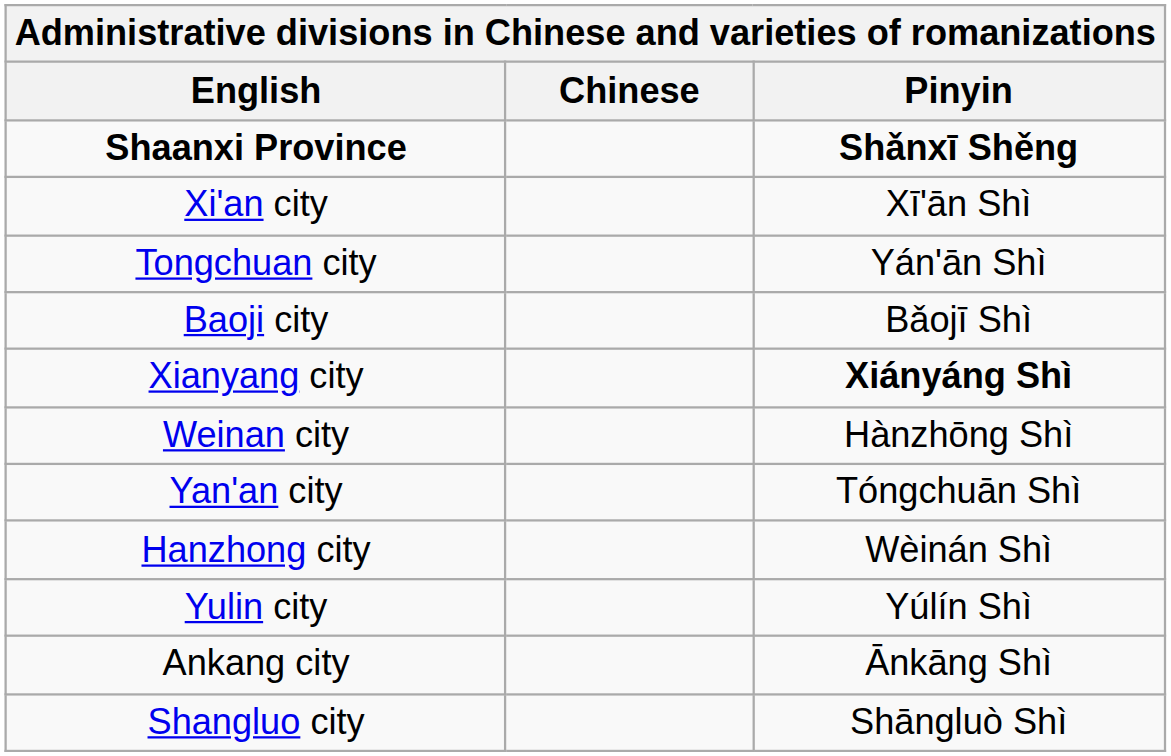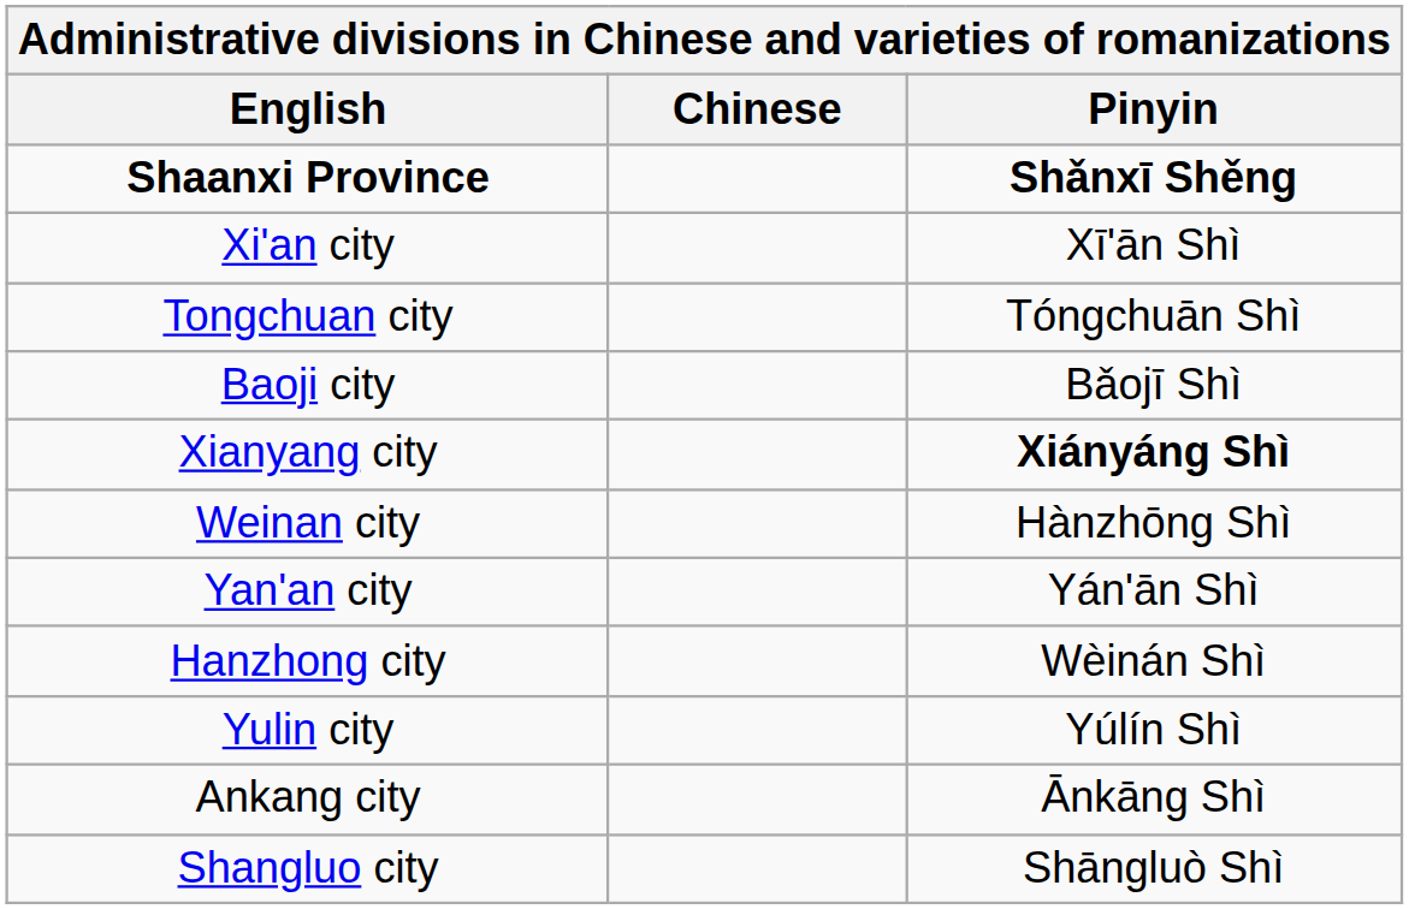 <table class="wikitable sortable collapsible collapsed" style="text-font:90%; width:auto; text-align:center; margin-left: auto; margin-right: auto;">
 <tr>
 <th colspan="5">Administrative divisions in Chinese and varieties of romanizations</th>
 </tr>
 <tr>
 <th>English</th>
 <th>Chinese</th>
 <th>Pinyin</th>
 </tr>
 <tr>
 <td><strong>Shaanxi Province</strong></td>
 <td></td>
 <td><strong>Shǎnxī Shěng</strong></td>
 </tr>
 <tr>
 <td><a href='#'>Xi'an</a> city</td>
 <td></td>
 <td>Xī'ān Shì</td>
 </tr>
 <tr>
 <td><a href='#'>Tongchuan</a> city</td>
 <td></td>
-<td>Yán'ān Shì</td>
+<td>Tóngchuān Shì</td>
 </tr>
 <tr>
 <td><a href='#'>Baoji</a> city</td>
 <td></td>
 <td>Bǎojī Shì</td>
 </tr>
 <tr>
 <td><a href='#'>Xianyang</a> city</td>
 <td></td>
 <td><strong>Xiányáng Shì</strong></td>
 </tr>
 <tr>
 <td><a href='#'>Weinan</a> city</td>
 <td></td>
 <td>Hànzhōng Shì</td>
 </tr>
 <tr>
 <td><a href='#'>Yan'an</a> city</td>
 <td></td>
-<td>Tóngchuān Shì</td>
+<td>Yán'ān Shì</td>
 </tr>
 <tr>
 <td><a href='#'>Hanzhong</a> city</td>
 <td></td>
 <td>Wèinán Shì</td>
 </tr>
 <tr>
 <td><a href='#'>Yulin</a> city</td>
 <td></td>
 <td>Yúlín Shì</td>
 </tr>
 <tr>
 <td>Ankang city</td>
 <td></td>
 <td>Ānkāng Shì</td>
 </tr>
 <tr>
 <td><a href='#'>Shangluo</a> city</td>
 <td></td>
 <td>Shāngluò Shì</td>
 </tr>
 </table>
